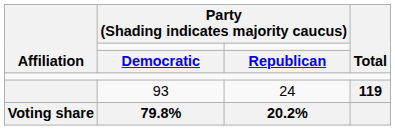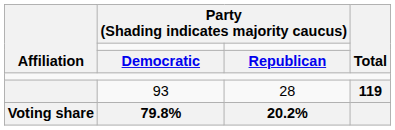 <table class=wikitable style="text-align:center">
 <tr style="vertical-align:bottom;">
 <th rowspan=3>Affiliation</th>
 <th colspan=2>Party <div>(Shading indicates majority caucus)</div></th>
 <th rowspan=3>Total</th>
 </tr>
 <tr style="height:5px">
 <td style="background-color:"></td>
 <td style="background-color:"></td>
 </tr>
 <tr>
 <th><a href='#'>Democratic</a></th>
 <th><a href='#'>Republican</a></th>
 </tr>
 <tr>
 <td colspan=5></td>
 </tr>
 <tr>
 <th nowrap style="font-size:80%"></th>
 <td>93</td>
-<td>24</td>
+<td>28</td>
 <th>119</th>
 </tr>
 <tr>
 <th>Voting share</th>
 <th>79.8%</th>
 <th>20.2%</th>
 <th colspan=2></th>
 </tr>
 </table>
